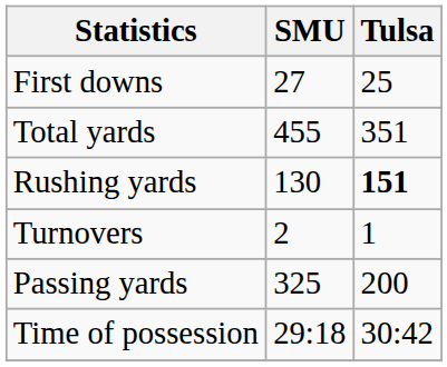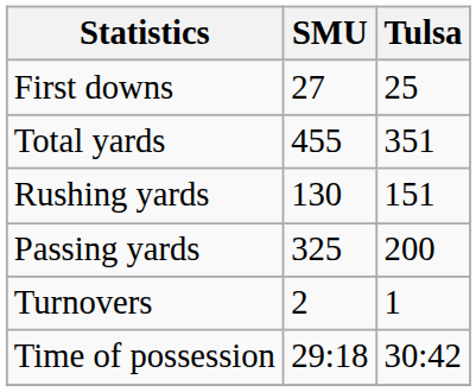 <table class="wikitable" style="float: right;">
 <tr>
 <th>Statistics</th>
 <th>SMU</th>
 <th>Tulsa</th>
 </tr>
 <tr>
 <td>First downs</td>
 <td>27</td>
 <td>25</td>
 </tr>
 <tr>
 <td>Total yards</td>
 <td>455</td>
 <td>351</td>
 </tr>
 <tr>
 <td>Rushing yards</td>
 <td>130</td>
-<td><strong>151</strong></td>
+<td>151</td>
+</tr>
+<tr>
+<td>Passing yards</td>
+<td>325</td>
+<td>200</td>
 </tr>
 <tr>
 <td>Turnovers</td>
 <td>2</td>
 <td>1</td>
-</tr>
-<tr>
-<td>Passing yards</td>
-<td>325</td>
-<td>200</td>
 </tr>
 <tr>
 <td>Time of possession</td>
 <td>29:18</td>
 <td>30:42</td>
 </tr>
 <tr>
 </tr>
 </table>
